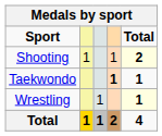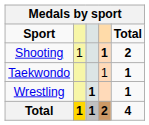 <table class=wikitable style="font-size:85%; float:right;text-align:center">
 <tr bgcolor=EFEFEF>
 <th colspan=7><strong>Medals by sport</strong></th>
 </tr>
 <tr>
 <td><strong>Sport</strong></td>
 <td bgcolor=F7F6A8></td>
 <td bgcolor=DCE5E5></td>
 <td bgcolor=FFDBA9></td>
 <td><strong>Total</strong></td>
 </tr>
 <tr>
 <td><a href='#'>Shooting</a></td>
 <td bgcolor=F7F6A8>1</td>
 <td bgcolor=DCE5E5></td>
-<td bgcolor=FFDAB9>1</td>
-<td style="background: lightyellow;"><strong>2</strong></td>
+<td bgcolor=FFDAB9><strong>1</strong></td>
+<td><strong>2</strong></td>
 </tr>
 <tr>
 <td><a href='#'>Taekwondo</a></td>
 <td bgcolor=F7F6A8></td>
 <td bgcolor=DCE5E5></td>
-<td bgcolor=FFDAB9><strong>1</strong></td>
+<td bgcolor=FFDAB9>1</td>
 <td><strong>1</strong></td>
 </tr>
 <tr>
 <td><a href='#'>Wrestling</a></td>
 <td bgcolor=F7F6A8></td>
-<td bgcolor=DCE5E5>1</td>
+<td bgcolor=DCE5E5><strong>1</strong></td>
 <td bgcolor=FFDAB9></td>
-<td style="background: lightyellow;"><strong>1</strong></td>
+<td><strong>1</strong></td>
 </tr>
 <tr>
 <th><strong>Total</strong></th>
 <td style="background:gold;"><strong>1</strong></td>
 <td style="background:silver;"><strong>1</strong></td>
 <td style="background:#c96;"><strong>2</strong></td>
 <td><strong>4</strong></td>
 </tr>
 </table>
